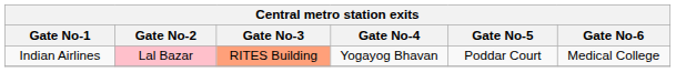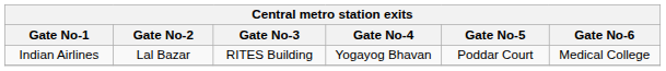 <table class="wikitable" style="text-align: center;" width="65%">
 <tr>
 <th align="center" colspan="6" style="background:;"><span><strong>Central metro station exits </strong></span></th>
 </tr>
 <tr>
 <th style="width:5%;">Gate No-1</th>
 <th style="width:5%;">Gate No-2</th>
 <th style="width:5%;">Gate No-3</th>
 <th style="width:5%;">Gate No-4</th>
 <th style="width:5%;">Gate No-5</th>
 <th style="width:5%;">Gate No-6</th>
 </tr>
 <tr>
 <td>Indian Airlines</td>
-<td style="background: pink;">Lal Bazar</td>
-<td style="background: lightsalmon;">RITES Building</td>
+<td>Lal Bazar</td>
+<td>RITES Building</td>
 <td>Yogayog Bhavan</td>
 <td>Poddar Court</td>
 <td>Medical College</td>
 </tr>
 <tr>
 </tr>
 </table>
